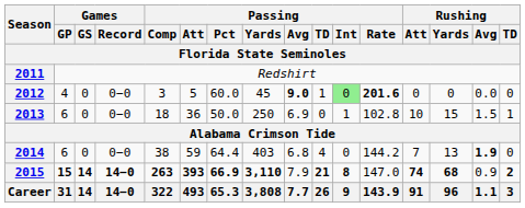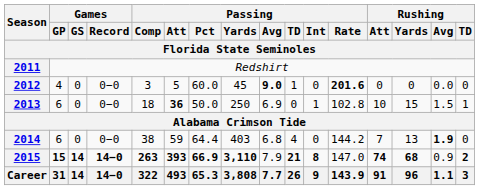 <table class="wikitable" style="text-align:center;">
 <tr>
 <th rowspan="2">Season</th>
 <th colspan="3">Games</th>
 <th colspan="8">Passing</th>
 <th colspan="5">Rushing</th>
 </tr>
 <tr>
 <th>GP</th>
 <th>GS</th>
 <th>Record</th>
 <th>Comp</th>
 <th>Att</th>
 <th>Pct</th>
 <th>Yards</th>
 <th>Avg</th>
 <th>TD</th>
 <th>Int</th>
 <th>Rate</th>
 <th>Att</th>
 <th>Yards</th>
 <th>Avg</th>
 <th>TD</th>
 </tr>
 <tr>
 <th colspan="16">Florida State Seminoles</th>
 </tr>
 <tr>
 <th><a href='#'>2011</a></th>
 <td colspan="15"><em>Redshirt </em></td>
 </tr>
 <tr>
 <th><a href='#'>2012</a></th>
 <td>4</td>
 <td>0</td>
 <td>0−0</td>
 <td>3</td>
 <td>5</td>
 <td>60.0</td>
 <td>45</td>
 <td><strong>9.0</strong></td>
 <td>1</td>
-<td style="background: lightgreen;">0</td>
+<td>0</td>
 <td><strong>201.6</strong></td>
 <td>0</td>
 <td>0</td>
 <td>0.0</td>
 <td>0</td>
 </tr>
 <tr>
 <th><a href='#'>2013</a></th>
 <td>6</td>
 <td>0</td>
 <td>0−0</td>
 <td>18</td>
-<td>36</td>
+<td><strong>36</strong></td>
 <td>50.0</td>
 <td>250</td>
 <td>6.9</td>
 <td>0</td>
 <td>1</td>
 <td>102.8</td>
 <td>10</td>
 <td>15</td>
 <td>1.5</td>
 <td>1</td>
 </tr>
 <tr>
 <th colspan="16">Alabama Crimson Tide</th>
 </tr>
 <tr>
 <th><a href='#'>2014</a></th>
 <td>6</td>
 <td>0</td>
 <td>0−0</td>
 <td>38</td>
 <td>59</td>
 <td>64.4</td>
 <td>403</td>
 <td>6.8</td>
 <td>4</td>
 <td>0</td>
 <td>144.2</td>
 <td>7</td>
 <td>13</td>
 <td><strong>1.9</strong></td>
 <td>0</td>
 </tr>
 <tr>
 <th><a href='#'>2015</a></th>
 <td><strong>15</strong></td>
 <td><strong>14</strong></td>
 <td><strong>14−0</strong></td>
 <td><strong>263</strong></td>
 <td><strong>393</strong></td>
 <td><strong>66.9</strong></td>
 <td><strong>3,110</strong></td>
 <td>7.9</td>
 <td><strong>21</strong></td>
 <td><strong>8</strong></td>
 <td>147.0</td>
 <td><strong>74</strong></td>
 <td><strong>68</strong></td>
 <td>0.9</td>
 <td><strong>2</strong></td>
 </tr>
 <tr>
 <th>Career</th>
 <th>31</th>
 <th>14</th>
 <th>14−0</th>
 <th>322</th>
 <th>493</th>
 <th>65.3</th>
 <th>3,808</th>
 <th>7.7</th>
 <th>26</th>
 <th>9</th>
 <th>143.9</th>
 <th>91</th>
 <th>96</th>
 <th>1.1</th>
 <th>3</th>
 </tr>
 </table>
